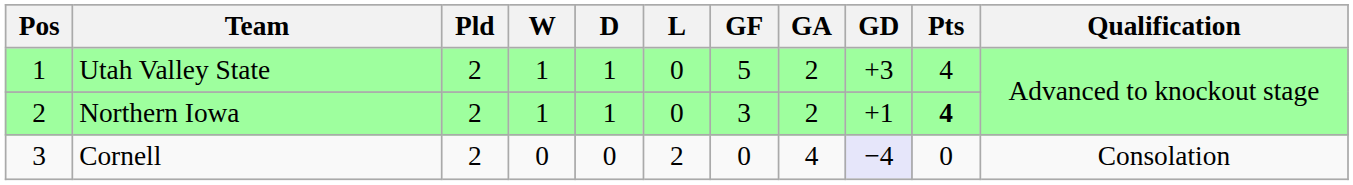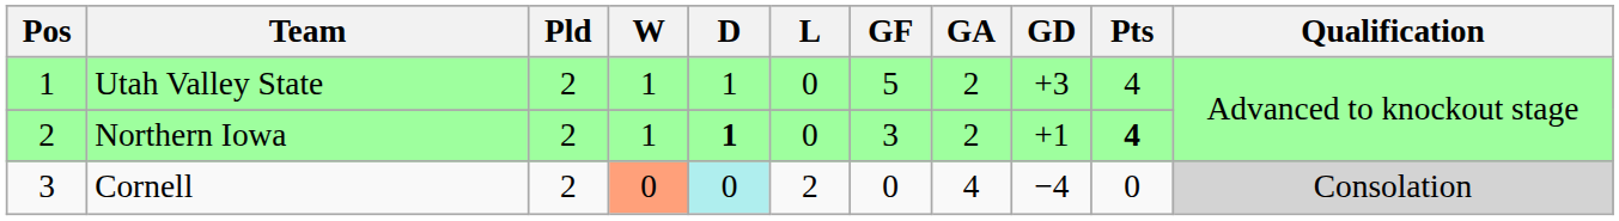 <table class="wikitable" style="text-align:center; margin: 1em auto">
 <tr>
 <th style="width:2em">Pos</th>
 <th style="width:13em">Team</th>
 <th style="width:2em">Pld</th>
 <th style="width:2em">W</th>
 <th style="width:2em">D</th>
 <th style="width:2em">L</th>
 <th style="width:2em">GF</th>
 <th style="width:2em">GA</th>
 <th style="width:2em">GD</th>
 <th style="width:2em">Pts</th>
 <th style="width:13em">Qualification</th>
 </tr>
 <tr bgcolor="#9eff9e">
 <td>1</td>
 <td style="text-align:left">Utah Valley State</td>
 <td>2</td>
 <td>1</td>
 <td>1</td>
 <td>0</td>
 <td>5</td>
 <td>2</td>
 <td>+3</td>
 <td>4</td>
 <td rowspan="2">Advanced to knockout stage</td>
 </tr>
 <tr bgcolor="#9eff9e">
 <td>2</td>
 <td style="text-align:left">Northern Iowa</td>
 <td>2</td>
 <td>1</td>
-<td>1</td>
+<td><strong>1</strong></td>
 <td>0</td>
 <td>3</td>
 <td>2</td>
 <td>+1</td>
 <td><strong>4</strong></td>
 </tr>
 <tr>
 <td>3</td>
 <td style="text-align:left">Cornell</td>
 <td>2</td>
-<td>0</td>
-<td>0</td>
+<td style="background: lightsalmon;">0</td>
+<td style="background: paleturquoise;">0</td>
 <td>2</td>
 <td>0</td>
 <td>4</td>
-<td style="background: lavender;">−4</td>
+<td>−4</td>
 <td>0</td>
-<td>Consolation</td>
+<td style="background: lightgrey;">Consolation</td>
 </tr>
 </table>
